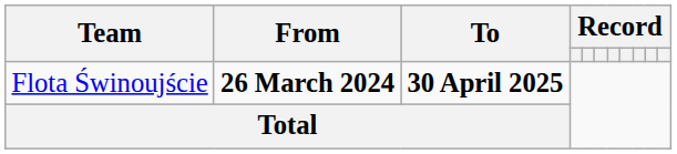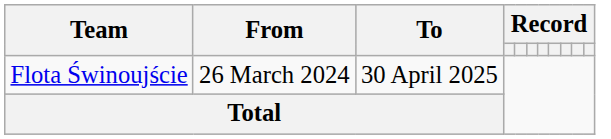 <table class="wikitable" style="text-align: center;">
 <tr>
 <th rowspan="2">Team</th>
 <th rowspan="2">From</th>
 <th rowspan="2">To</th>
 <th colspan="8">Record</th>
 </tr>
 <tr>
 <th></th>
 <th></th>
 <th></th>
 <th></th>
 <th></th>
 <th></th>
 <th></th>
 <th></th>
 </tr>
 <tr>
 <td align=left><a href='#'>Flota Świnoujście</a></td>
-<td align=left><strong>26 March 2024</strong></td>
-<td align=left><strong>30 April 2025<br></strong></td>
+<td align=left>26 March 2024</td>
+<td align=left>30 April 2025<br></td>
 </tr>
 <tr>
 <th colspan="3">Total<br></th>
 </tr>
 </table>
